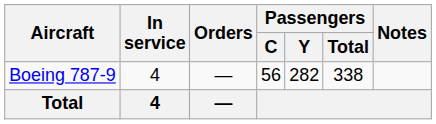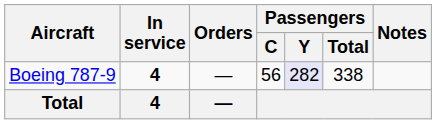 <table class="wikitable" style="text-align:center; margin-left: auto; margin-right: auto; border: none;">
 <tr>
 <th rowspan=2>Aircraft</th>
 <th rowspan=2>In<br>service</th>
 <th rowspan=2>Orders</th>
 <th colspan=3>Passengers</th>
 <th rowspan=2>Notes</th>
 </tr>
 <tr>
 <th><abbr>C</abbr></th>
 <th><abbr>Y</abbr></th>
 <th>Total</th>
 </tr>
 <tr>
 <td><a href='#'>Boeing 787-9</a></td>
-<td>4</td>
+<td><strong>4</strong></td>
 <td>—</td>
 <td>56</td>
-<td>282</td>
+<td style="background: lavender;">282</td>
 <td>338</td>
 <td></td>
 </tr>
 <tr>
 <th>Total</th>
 <th>4</th>
 <th>—</th>
 <th colspan=4></th>
 </tr>
 </table>
